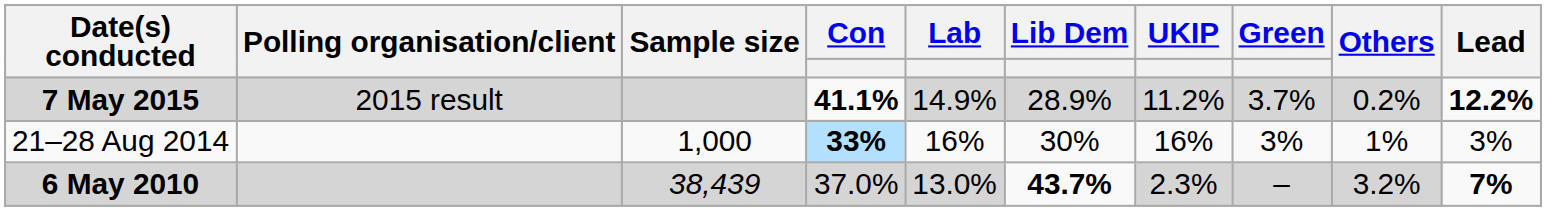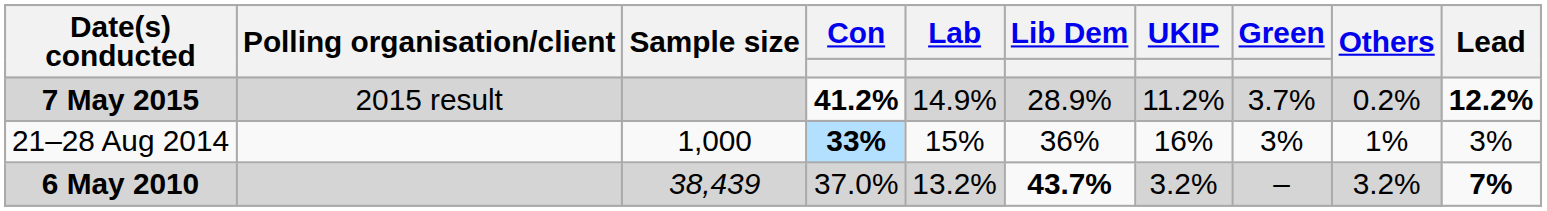 <table class="wikitable sortable" style="text-align:center;font-size:90%;line-height:14px">
 <tr>
 <th rowspan="2">Date(s)<br>conducted</th>
 <th rowspan="2">Polling organisation/client</th>
 <th rowspan="2">Sample size</th>
 <th><a href='#'>Con</a></th>
 <th><a href='#'>Lab</a></th>
 <th><a href='#'>Lib Dem</a></th>
 <th><a href='#'>UKIP</a></th>
 <th><a href='#'>Green</a></th>
 <th rowspan="2" class="unsortable"><a href='#'>Others</a></th>
 <th rowspan="2" class="unsortable">Lead</th>
 </tr>
 <tr>
 <th class="unsortable" style="background:"></th>
 <th class="unsortable" style="background:"></th>
 <th class="unsortable" style="background:"></th>
 <th class="unsortable" style="background:"></th>
 <th class="unsortable" style="background:"></th>
 </tr>
 <tr>
 <td style="background:#D5D5D5"><strong>7 May 2015</strong></td>
 <td style="background:#D5D5D5">2015 result</td>
 <td style="background:#D5D5D5"></td>
-<td style="background:"><strong>41.1%</strong></td>
+<td style="background:"><strong>41.2%</strong></td>
 <td style="background:#D5D5D5">14.9%</td>
 <td style="background:#D5D5D5">28.9%</td>
 <td style="background:#D5D5D5">11.2%</td>
 <td style="background:#D5D5D5">3.7%</td>
 <td style="background:#D5D5D5">0.2%</td>
 <td style="background:"><strong>12.2% </strong></td>
 </tr>
 <tr>
 <td>21–28 Aug 2014</td>
 <td></td>
 <td>1,000</td>
 <td style="background:#B3E0FF"><strong>33%</strong></td>
-<td>16%</td>
-<td>30%</td>
+<td>15%</td>
+<td>36%</td>
 <td>16%</td>
 <td>3%</td>
 <td>1%</td>
 <td style="background:">3%</td>
 </tr>
 <tr>
 <td style="background:#D5D5D5"><strong>6 May 2010</strong></td>
 <td style="background:#D5D5D5"></td>
 <td style="background:#D5D5D5"><em>38,439</em></td>
 <td style="background:#D5D5D5">37.0%</td>
-<td style="background:#D5D5D5">13.0%</td>
+<td style="background:#D5D5D5">13.2%</td>
 <td style="background:"><strong>43.7%</strong></td>
-<td style="background:#D5D5D5">2.3%</td>
+<td style="background:#D5D5D5">3.2%</td>
 <td style="background:#D5D5D5">–</td>
 <td style="background:#D5D5D5">3.2%</td>
 <td style="background:"><strong>7% </strong></td>
 </tr>
 </table>
